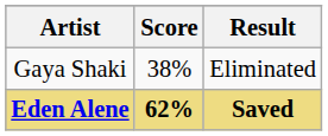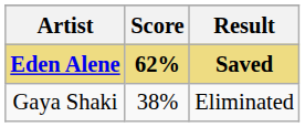 <table class="sortable wikitable" style="margin: 1em auto 1em auto; text-align:center; font-size:90%; line-height:18px;">
 <tr>
 </tr>
 <tr>
 <th>Artist</th>
 <th>Score</th>
 <th>Result</th>
 </tr>
+<tr style="font-weight:bold; background:#eedc82;">
+<td><a href='#'>Eden Alene</a></td>
+<td>62%</td>
+<td>Saved</td>
+</tr>
 <tr>
 <td>Gaya Shaki</td>
 <td>38%</td>
 <td>Eliminated</td>
 </tr>
-<tr style="font-weight:bold; background:#eedc82;">
-<td><a href='#'>Eden Alene</a></td>
-<td>62%</td>
-<td>Saved</td>
-</tr>
 </table>
